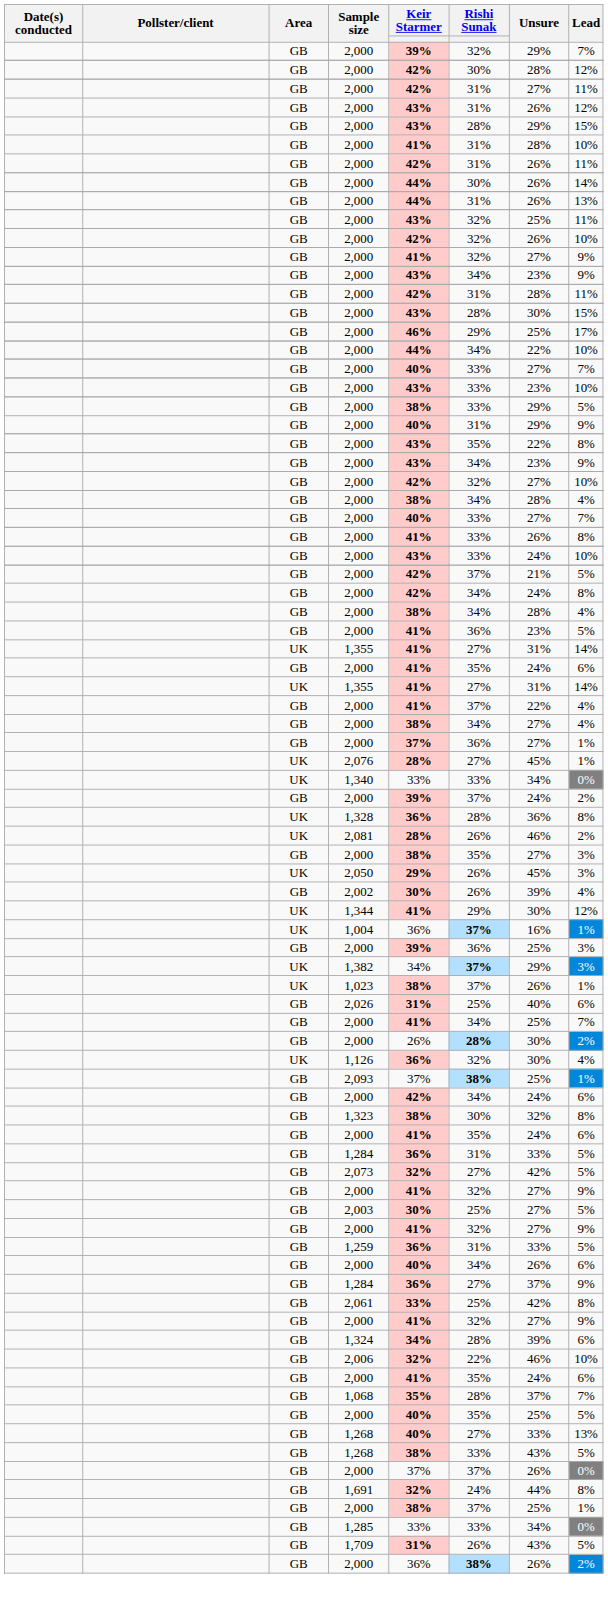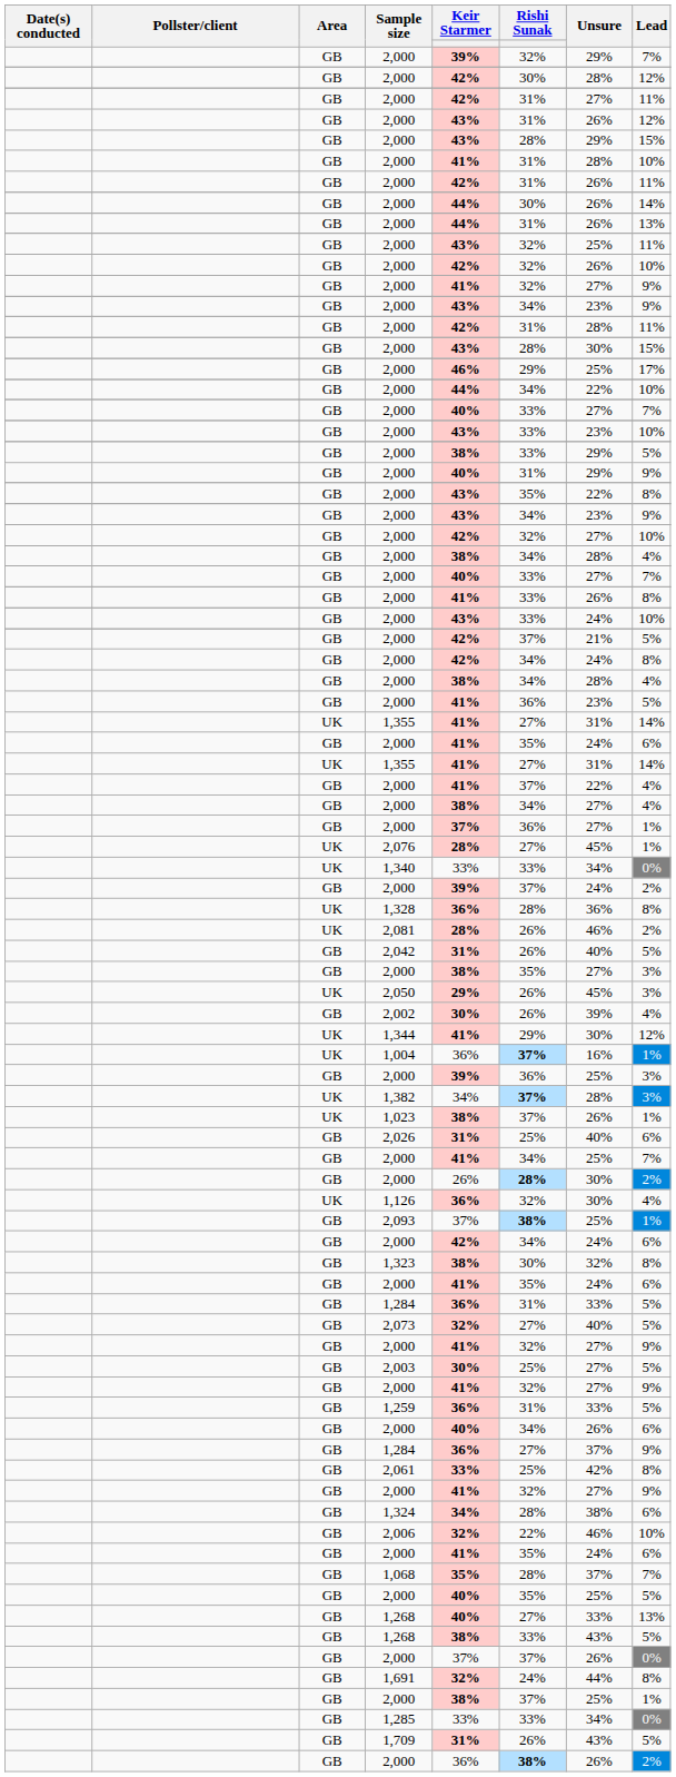 <table class="wikitable collapsible sortable mw-datatable" style="text-align:center;font-size:90%;line-height:14px">
 <tr>
 <th style="width:80px;" rowspan="2" class="unsortable">Date(s)<br>conducted</th>
 <th style="width:200px;" rowspan="2">Pollster/client</th>
 <th style="width:60px;" rowspan="2">Area</th>
 <th style="width:60px;" rowspan="2">Sample size</th>
 <th style="width:60px;" class="unsortable"><a href='#'>Keir Starmer</a></th>
 <th style="width:60px;" class="unsortable"><a href='#'>Rishi Sunak</a></th>
 <th style="width:60px;" rowspan="2" class="unsortable">Unsure</th>
 <th class="unsortable" style="width:20px;" rowspan="2">Lead</th>
 </tr>
 <tr>
 <th class="unsortable" style="color:inherit;background:"></th>
 <th class="unsortable" style="color:inherit;background:"></th>
 </tr>
 <tr>
 <td></td>
 <td></td>
 <td>GB</td>
 <td>2,000</td>
 <td style="background:#ffcccb"><strong>39%</strong></td>
 <td>32%</td>
 <td>29%</td>
 <td style="background:">7%</td>
 </tr>
 <tr>
 </tr>
 <tr>
 <td></td>
 <td></td>
 <td>GB</td>
 <td>2,000</td>
 <td style="background:#ffcccb"><strong>42%</strong></td>
 <td>30%</td>
 <td>28%</td>
 <td style="background:">12%</td>
 </tr>
 <tr>
 </tr>
 <tr>
 <td></td>
 <td></td>
 <td>GB</td>
 <td>2,000</td>
 <td style="background:#ffcccb"><strong>42%</strong></td>
 <td>31%</td>
 <td>27%</td>
 <td style="background:">11%</td>
 </tr>
 <tr>
 <td></td>
 <td></td>
 <td>GB</td>
 <td>2,000</td>
 <td style="background:#ffcccb"><strong>43%</strong></td>
 <td>31%</td>
 <td>26%</td>
 <td style="background:">12%</td>
 </tr>
 <tr>
 <td></td>
 <td></td>
 <td>GB</td>
 <td>2,000</td>
 <td style="background:#ffcccb"><strong>43%</strong></td>
 <td>28%</td>
 <td>29%</td>
 <td style="background:">15%</td>
 </tr>
 <tr>
 <td></td>
 <td></td>
 <td>GB</td>
 <td>2,000</td>
 <td style="background:#ffcccb"><strong>41%</strong></td>
 <td>31%</td>
 <td>28%</td>
 <td style="background:">10%</td>
 </tr>
 <tr>
 <td></td>
 <td></td>
 <td>GB</td>
 <td>2,000</td>
 <td style="background:#ffcccb"><strong>42%</strong></td>
 <td>31%</td>
 <td>26%</td>
 <td style="background:">11%</td>
 </tr>
 <tr>
 </tr>
 <tr>
 <td></td>
 <td></td>
 <td>GB</td>
 <td>2,000</td>
 <td style="background:#ffcccb"><strong>44%</strong></td>
 <td>30%</td>
 <td>26%</td>
 <td style="background:">14%</td>
 </tr>
 <tr>
 </tr>
 <tr>
 <td></td>
 <td></td>
 <td>GB</td>
 <td>2,000</td>
 <td style="background:#ffcccb"><strong>44%</strong></td>
 <td>31%</td>
 <td>26%</td>
 <td style="background:">13%</td>
 </tr>
 <tr>
 </tr>
 <tr>
 <td></td>
 <td></td>
 <td>GB</td>
 <td>2,000</td>
 <td style="background:#ffcccb"><strong>43%</strong></td>
 <td>32%</td>
 <td>25%</td>
 <td style="background:">11%</td>
 </tr>
 <tr>
 </tr>
 <tr>
 <td></td>
 <td></td>
 <td>GB</td>
 <td>2,000</td>
 <td style="background:#ffcccb"><strong>42%</strong></td>
 <td>32%</td>
 <td>26%</td>
 <td style="background:">10%</td>
 </tr>
 <tr>
 </tr>
 <tr>
 <td></td>
 <td></td>
 <td>GB</td>
 <td>2,000</td>
 <td style="background:#ffcccb"><strong>41%</strong></td>
 <td>32%</td>
 <td>27%</td>
 <td style="background:">9%</td>
 </tr>
 <tr>
 </tr>
 <tr>
 <td></td>
 <td></td>
 <td>GB</td>
 <td>2,000</td>
 <td style="background:#ffcccb"><strong>43%</strong></td>
 <td>34%</td>
 <td>23%</td>
 <td style="background:">9%</td>
 </tr>
 <tr>
 </tr>
 <tr>
 <td></td>
 <td></td>
 <td>GB</td>
 <td>2,000</td>
 <td style="background:#ffcccb"><strong>42%</strong></td>
 <td>31%</td>
 <td>28%</td>
 <td style="background:">11%</td>
 </tr>
 <tr>
 </tr>
 <tr>
 <td></td>
 <td></td>
 <td>GB</td>
 <td>2,000</td>
 <td style="background:#ffcccb"><strong>43%</strong></td>
 <td>28%</td>
 <td>30%</td>
 <td style="background:">15%</td>
 </tr>
 <tr>
 </tr>
 <tr>
 <td></td>
 <td></td>
 <td>GB</td>
 <td>2,000</td>
 <td style="background:#ffcccb"><strong>46%</strong></td>
 <td>29%</td>
 <td>25%</td>
 <td style="background:">17%</td>
 </tr>
 <tr>
 </tr>
 <tr>
 <td></td>
 <td></td>
 <td>GB</td>
 <td>2,000</td>
 <td style="background:#ffcccb"><strong>44%</strong></td>
 <td>34%</td>
 <td>22%</td>
 <td style="background:">10%</td>
 </tr>
 <tr>
 </tr>
 <tr>
 <td></td>
 <td></td>
 <td>GB</td>
 <td>2,000</td>
 <td style="background:#ffcccb"><strong>40%</strong></td>
 <td>33%</td>
 <td>27%</td>
 <td style="background:">7%</td>
 </tr>
 <tr>
 </tr>
 <tr>
 <td></td>
 <td></td>
 <td>GB</td>
 <td>2,000</td>
 <td style="background:#ffcccb"><strong>43%</strong></td>
 <td>33%</td>
 <td>23%</td>
 <td style="background:">10%</td>
 </tr>
 <tr>
 </tr>
 <tr>
 <td></td>
 <td></td>
 <td>GB</td>
 <td>2,000</td>
 <td style="background:#ffcccb"><strong>38%</strong></td>
 <td>33%</td>
 <td>29%</td>
 <td style="background:">5%</td>
 </tr>
 <tr>
 <td></td>
 <td></td>
 <td>GB</td>
 <td>2,000</td>
 <td style="background:#ffcccb"><strong>40%</strong></td>
 <td>31%</td>
 <td>29%</td>
 <td style="background:">9%</td>
 </tr>
 <tr>
 </tr>
 <tr>
 <td></td>
 <td></td>
 <td>GB</td>
 <td>2,000</td>
 <td style="background:#ffcccb"><strong>43%</strong></td>
 <td>35%</td>
 <td>22%</td>
 <td style="background:">8%</td>
 </tr>
 <tr>
 </tr>
 <tr>
 <td></td>
 <td></td>
 <td>GB</td>
 <td>2,000</td>
 <td style="background:#ffcccb"><strong>43%</strong></td>
 <td>34%</td>
 <td>23%</td>
 <td style="background:">9%</td>
 </tr>
 <tr>
 </tr>
 <tr>
 <td></td>
 <td></td>
 <td>GB</td>
 <td>2,000</td>
 <td style="background:#ffcccb"><strong>42%</strong></td>
 <td>32%</td>
 <td>27%</td>
 <td style="background:">10%</td>
 </tr>
 <tr>
 </tr>
 <tr>
 <td></td>
 <td></td>
 <td>GB</td>
 <td>2,000</td>
 <td style="background:#ffcccb"><strong>38%</strong></td>
 <td>34%</td>
 <td>28%</td>
 <td style="background:">4%</td>
 </tr>
 <tr>
 </tr>
 <tr>
 <td></td>
 <td></td>
 <td>GB</td>
 <td>2,000</td>
 <td style="background:#ffcccb"><strong>40%</strong></td>
 <td>33%</td>
 <td>27%</td>
 <td style="background:">7%</td>
 </tr>
 <tr>
 </tr>
 <tr>
 <td></td>
 <td></td>
 <td>GB</td>
 <td>2,000</td>
 <td style="background:#ffcccb"><strong>41%</strong></td>
 <td>33%</td>
 <td>26%</td>
 <td style="background:">8%</td>
 </tr>
 <tr>
 </tr>
 <tr>
 <td></td>
 <td></td>
 <td>GB</td>
 <td>2,000</td>
 <td style="background:#ffcccb"><strong>43%</strong></td>
 <td>33%</td>
 <td>24%</td>
 <td style="background:">10%</td>
 </tr>
 <tr>
 </tr>
 <tr>
 <td></td>
 <td></td>
 <td>GB</td>
 <td>2,000</td>
 <td style="background:#ffcccb"><strong>42%</strong></td>
 <td>37%</td>
 <td>21%</td>
 <td style="background:">5%</td>
 </tr>
 <tr>
 <td></td>
 <td></td>
 <td>GB</td>
 <td>2,000</td>
 <td style="background:#ffcccb"><strong>42%</strong></td>
 <td>34%</td>
 <td>24%</td>
 <td style="background:">8%</td>
 </tr>
 <tr>
 <td></td>
 <td></td>
 <td>GB</td>
 <td>2,000</td>
 <td style="background:#ffcccb"><strong>38%</strong></td>
 <td>34%</td>
 <td>28%</td>
 <td style="background:">4%</td>
 </tr>
 <tr>
 <td></td>
 <td></td>
 <td>GB</td>
 <td>2,000</td>
 <td style="background:#ffcccb"><strong>41%</strong></td>
 <td>36%</td>
 <td>23%</td>
 <td style="background:">5%</td>
 </tr>
 <tr>
 <td></td>
 <td></td>
 <td>UK</td>
 <td>1,355</td>
 <td style="background:#ffcccb"><strong>41%</strong></td>
 <td>27%</td>
 <td>31%</td>
 <td style="background:">14%</td>
 </tr>
 <tr>
 <td></td>
 <td></td>
 <td>GB</td>
 <td>2,000</td>
 <td style="background:#ffcccb"><strong>41%</strong></td>
 <td>35%</td>
 <td>24%</td>
 <td style="background:">6%</td>
 </tr>
 <tr>
 <td></td>
 <td></td>
 <td>UK</td>
 <td>1,355</td>
 <td style="background:#ffcccb"><strong>41%</strong></td>
 <td>27%</td>
 <td>31%</td>
 <td style="background:">14%</td>
 </tr>
 <tr>
 <td></td>
 <td></td>
 <td>GB</td>
 <td>2,000</td>
 <td style="background:#ffcccb"><strong>41%</strong></td>
 <td>37%</td>
 <td>22%</td>
 <td style="background:">4%</td>
 </tr>
 <tr>
 <td></td>
 <td></td>
 <td>GB</td>
 <td>2,000</td>
 <td style="background:#ffcccb"><strong>38%</strong></td>
 <td>34%</td>
 <td>27%</td>
 <td style="background:">4%</td>
 </tr>
 <tr>
 <td></td>
 <td></td>
 <td>GB</td>
 <td>2,000</td>
 <td style="background:#ffcccb"><strong>37%</strong></td>
 <td>36%</td>
 <td>27%</td>
 <td style="background:">1%</td>
 </tr>
 <tr>
 <td></td>
 <td></td>
 <td>UK</td>
 <td>2,076</td>
 <td style="background:#ffcccb"><strong>28%</strong></td>
 <td>27%</td>
 <td>45%</td>
 <td style="background:">1%</td>
 </tr>
 <tr>
 <td></td>
 <td></td>
 <td>UK</td>
 <td>1,340</td>
 <td>33%</td>
 <td>33%</td>
 <td>34%</td>
 <td style="background:grey;color:white;">0%</td>
 </tr>
 <tr>
 <td></td>
 <td></td>
 <td>GB</td>
 <td>2,000</td>
 <td style="background:#ffcccb"><strong>39%</strong></td>
 <td>37%</td>
 <td>24%</td>
 <td style="background:">2%</td>
 </tr>
 <tr>
 <td></td>
 <td></td>
 <td>UK</td>
 <td>1,328</td>
 <td style="background:#ffcccb"><strong>36%</strong></td>
 <td>28%</td>
 <td>36%</td>
 <td style="background:">8%</td>
 </tr>
 <tr>
 <td></td>
 <td></td>
 <td>UK</td>
 <td>2,081</td>
 <td style="background:#ffcccb"><strong>28%</strong></td>
 <td>26%</td>
 <td>46%</td>
 <td style="background:">2%</td>
 </tr>
 <tr>
 <td></td>
 <td></td>
 <td>GB</td>
+<td>2,042</td>
+<td style="background:#ffcccb"><strong>31%</strong></td>
+<td>26%</td>
+<td>40%</td>
+<td style="background:">5%</td>
+</tr>
+<tr>
+<td></td>
+<td></td>
+<td>GB</td>
 <td>2,000</td>
 <td style="background:#ffcccb"><strong>38%</strong></td>
 <td>35%</td>
 <td>27%</td>
 <td style="background:">3%</td>
 </tr>
 <tr>
 <td></td>
 <td></td>
 <td>UK</td>
 <td>2,050</td>
 <td style="background:#ffcccb"><strong>29%</strong></td>
 <td>26%</td>
 <td>45%</td>
 <td style="background:">3%</td>
 </tr>
 <tr>
 <td></td>
 <td></td>
 <td>GB</td>
 <td>2,002</td>
 <td style="background:#ffcccb"><strong>30%</strong></td>
 <td>26%</td>
 <td>39%</td>
 <td style="background:">4%</td>
 </tr>
 <tr>
 <td></td>
 <td></td>
 <td>UK</td>
 <td>1,344</td>
 <td style="background:#ffcccb"><strong>41%</strong></td>
 <td>29%</td>
 <td>30%</td>
 <td style="background:">12%</td>
 </tr>
 <tr>
 <td></td>
 <td></td>
 <td>UK</td>
 <td>1,004</td>
 <td>36%</td>
 <td style="background:#B3E0FF"><strong>37%</strong></td>
 <td>16%</td>
 <td style="background:#0087DC; color:white;">1%</td>
 </tr>
 <tr>
 <td></td>
 <td></td>
 <td>GB</td>
 <td>2,000</td>
 <td style="background:#ffcccb"><strong>39%</strong></td>
 <td>36%</td>
 <td>25%</td>
 <td style="background:">3%</td>
 </tr>
 <tr>
 <td></td>
 <td></td>
 <td>UK</td>
 <td>1,382</td>
 <td>34%</td>
 <td style="background:#B3E0FF"><strong>37%</strong></td>
-<td>29%</td>
+<td>28%</td>
 <td style="background:#0087DC; color:white;">3%</td>
 </tr>
 <tr>
 <td></td>
 <td></td>
 <td>UK</td>
 <td>1,023</td>
 <td style="background:#ffcccb"><strong>38%</strong></td>
 <td>37%</td>
 <td>26%</td>
 <td style="background:">1%</td>
 </tr>
 <tr>
 <td></td>
 <td></td>
 <td>GB</td>
 <td>2,026</td>
 <td style="background:#ffcccb"><strong>31%</strong></td>
 <td>25%</td>
 <td>40%</td>
 <td style="background:">6%</td>
 </tr>
 <tr>
 <td></td>
 <td></td>
 <td>GB</td>
 <td>2,000</td>
 <td style="background:#ffcccb"><strong>41%</strong></td>
 <td>34%</td>
 <td>25%</td>
 <td style="background:">7%</td>
 </tr>
 <tr>
 <td></td>
 <td></td>
 <td>GB</td>
 <td>2,000</td>
 <td>26%</td>
 <td style="background:#B3E0FF"><strong>28%</strong></td>
 <td>30%</td>
 <td style="background:#0087DC; color:white;">2%</td>
 </tr>
 <tr>
 <td></td>
 <td></td>
 <td>UK</td>
 <td>1,126</td>
 <td style="background:#ffcccb"><strong>36%</strong></td>
 <td>32%</td>
 <td>30%</td>
 <td style="background:">4%</td>
 </tr>
 <tr>
 <td></td>
 <td></td>
 <td>GB</td>
 <td>2,093</td>
 <td>37%</td>
 <td style="background:#B3E0FF"><strong>38%</strong></td>
 <td>25%</td>
 <td style="background:#0087DC; color:white;">1%</td>
 </tr>
 <tr>
 <td></td>
 <td></td>
 <td>GB</td>
 <td>2,000</td>
 <td style="background:#ffcccb"><strong>42%</strong></td>
 <td>34%</td>
 <td>24%</td>
 <td style="background:">6%</td>
 </tr>
 <tr>
 <td></td>
 <td></td>
 <td>GB</td>
 <td>1,323</td>
 <td style="background:#ffcccb"><strong>38%</strong></td>
 <td>30%</td>
 <td>32%</td>
 <td style="background:">8%</td>
 </tr>
 <tr>
 <td></td>
 <td></td>
 <td>GB</td>
 <td>2,000</td>
 <td style="background:#ffcccb"><strong>41%</strong></td>
 <td>35%</td>
 <td>24%</td>
 <td style="background:">6%</td>
 </tr>
 <tr>
 <td></td>
 <td></td>
 <td>GB</td>
 <td>1,284</td>
 <td style="background:#ffcccb"><strong>36%</strong></td>
 <td>31%</td>
 <td>33%</td>
 <td style="background:">5%</td>
 </tr>
 <tr>
 <td></td>
 <td></td>
 <td>GB</td>
 <td>2,073</td>
 <td style="background:#ffcccb"><strong>32%</strong></td>
 <td>27%</td>
-<td>42%</td>
+<td>40%</td>
 <td style="background:">5%</td>
 </tr>
 <tr>
 <td></td>
 <td></td>
 <td>GB</td>
 <td>2,000</td>
 <td style="background:#ffcccb"><strong>41%</strong></td>
 <td>32%</td>
 <td>27%</td>
 <td style="background:">9%</td>
 </tr>
 <tr>
 <td></td>
 <td></td>
 <td>GB</td>
 <td>2,003</td>
 <td style="background:#ffcccb"><strong>30%</strong></td>
 <td>25%</td>
 <td>27%</td>
 <td style="background:">5%</td>
 </tr>
 <tr>
 <td></td>
 <td></td>
 <td>GB</td>
 <td>2,000</td>
 <td style="background:#ffcccb"><strong>41%</strong></td>
 <td>32%</td>
 <td>27%</td>
 <td style="background:">9%</td>
 </tr>
 <tr>
 <td></td>
 <td></td>
 <td>GB</td>
 <td>1,259</td>
 <td style="background:#ffcccb"><strong>36%</strong></td>
 <td>31%</td>
 <td>33%</td>
 <td style="background:">5%</td>
 </tr>
 <tr>
 <td></td>
 <td></td>
 <td>GB</td>
 <td>2,000</td>
 <td style="background:#ffcccb"><strong>40%</strong></td>
 <td>34%</td>
 <td>26%</td>
 <td style="background:">6%</td>
 </tr>
 <tr>
 <td></td>
 <td></td>
 <td>GB</td>
 <td>1,284</td>
 <td style="background:#ffcccb"><strong>36%</strong></td>
 <td>27%</td>
 <td>37%</td>
 <td style="background:">9%</td>
 </tr>
 <tr>
 <td></td>
 <td></td>
 <td>GB</td>
 <td>2,061</td>
 <td style="background:#ffcccb"><strong>33%</strong></td>
 <td>25%</td>
 <td>42%</td>
 <td style="background:">8%</td>
 </tr>
 <tr>
 <td></td>
 <td></td>
 <td>GB</td>
 <td>2,000</td>
 <td style="background:#ffcccb"><strong>41%</strong></td>
 <td>32%</td>
 <td>27%</td>
 <td style="background:">9%</td>
 </tr>
 <tr>
 <td></td>
 <td></td>
 <td>GB</td>
 <td>1,324</td>
 <td style="background:#ffcccb"><strong>34%</strong></td>
 <td>28%</td>
-<td>39%</td>
+<td>38%</td>
 <td style="background:">6%</td>
 </tr>
 <tr>
 <td></td>
 <td></td>
 <td>GB</td>
 <td>2,006</td>
 <td style="background:#ffcccb"><strong>32%</strong></td>
 <td>22%</td>
 <td>46%</td>
 <td style="background:">10%</td>
 </tr>
 <tr>
 <td></td>
 <td></td>
 <td>GB</td>
 <td>2,000</td>
 <td style="background:#ffcccb"><strong>41%</strong></td>
 <td>35%</td>
 <td>24%</td>
 <td style="background:">6%</td>
 </tr>
 <tr>
 <td></td>
 <td></td>
 <td>GB</td>
 <td>1,068</td>
 <td style="background:#ffcccb"><strong>35%</strong></td>
 <td>28%</td>
 <td>37%</td>
 <td style="background:">7%</td>
 </tr>
 <tr>
 <td></td>
 <td></td>
 <td>GB</td>
 <td>2,000</td>
 <td style="background:#ffcccb"><strong>40%</strong></td>
 <td>35%</td>
 <td>25%</td>
 <td style="background:">5%</td>
 </tr>
 <tr>
 <td></td>
 <td></td>
 <td>GB</td>
 <td>1,268</td>
 <td style="background:#ffcccb"><strong>40%</strong></td>
 <td>27%</td>
 <td>33%</td>
 <td style="background:">13%</td>
 </tr>
 <tr>
 <td></td>
 <td></td>
 <td>GB</td>
 <td>1,268</td>
 <td style="background:#ffcccb"><strong>38%</strong></td>
 <td>33%</td>
 <td>43%</td>
 <td style="background:">5%</td>
 </tr>
 <tr>
 <td></td>
 <td></td>
 <td>GB</td>
 <td>2,000</td>
 <td>37%</td>
 <td>37%</td>
 <td>26%</td>
 <td style="background:grey;color:white;">0%</td>
 </tr>
 <tr>
 <td></td>
 <td></td>
 <td>GB</td>
 <td>1,691</td>
 <td style="background:#ffcccb"><strong>32%</strong></td>
 <td>24%</td>
 <td>44%</td>
 <td style="background:">8%</td>
 </tr>
 <tr>
 <td></td>
 <td></td>
 <td>GB</td>
 <td>2,000</td>
 <td style="background:#ffcccb"><strong>38%</strong></td>
 <td>37%</td>
 <td>25%</td>
 <td style="background:">1%</td>
 </tr>
 <tr>
 <td></td>
 <td></td>
 <td>GB</td>
 <td>1,285</td>
 <td>33%</td>
 <td>33%</td>
 <td>34%</td>
 <td style="background:grey;color:white;">0%</td>
 </tr>
 <tr>
 <td></td>
 <td></td>
 <td>GB</td>
 <td>1,709</td>
 <td style="background:#ffcccb"><strong>31%</strong></td>
 <td>26%</td>
 <td>43%</td>
 <td style="background:">5%</td>
 </tr>
 <tr>
 <td></td>
 <td></td>
 <td>GB</td>
 <td>2,000</td>
 <td>36%</td>
 <td style="background:#B3E0FF;"><strong>38%</strong></td>
 <td>26%</td>
 <td style="background:#0087DC; color:white;">2%</td>
 </tr>
 </table>
